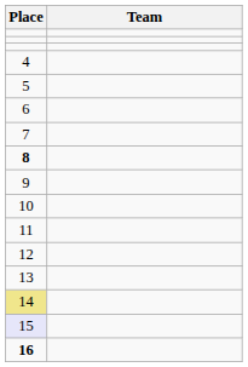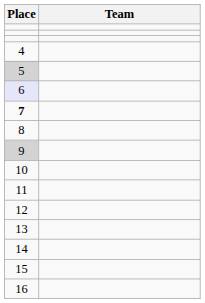 <table class="wikitable" style="text-align:center;">
 <tr>
 <th width=30>Place</th>
 <th width=200>Team</th>
 </tr>
 <tr>
 <td></td>
 <td align="left"></td>
 </tr>
 <tr>
 <td></td>
 <td align="left"></td>
 </tr>
 <tr>
 <td></td>
 <td align="left"></td>
 </tr>
 <tr>
 <td>4</td>
 <td align="left"></td>
 </tr>
 <tr>
-<td>5</td>
+<td style="background: lightgrey;">5</td>
 <td align="left"></td>
 </tr>
 <tr>
-<td>6</td>
+<td style="background: lavender;">6</td>
 <td align="left"></td>
 </tr>
 <tr>
-<td>7</td>
+<td><strong>7</strong></td>
 <td align="left"></td>
 </tr>
 <tr>
-<td><strong>8</strong></td>
+<td>8</td>
 <td align="left"></td>
 </tr>
 <tr>
-<td>9</td>
+<td style="background: lightgrey;">9</td>
 <td align="left"></td>
 </tr>
 <tr>
 <td>10</td>
 <td align="left"></td>
 </tr>
 <tr>
 <td>11</td>
 <td align="left"></td>
 </tr>
 <tr>
 <td>12</td>
 <td align="left"></td>
 </tr>
 <tr>
 <td>13</td>
 <td align="left"></td>
 </tr>
 <tr>
-<td style="background: khaki;">14</td>
+<td>14</td>
 <td align="left"></td>
 </tr>
 <tr>
-<td style="background: lavender;">15</td>
+<td>15</td>
 <td align="left"></td>
 </tr>
 <tr>
-<td><strong>16</strong></td>
+<td>16</td>
 <td align="left"></td>
 </tr>
 </table>
